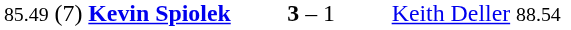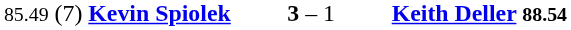 <table style="text-align:center">
 <tr>
 <th width=223></th>
 <th width=100></th>
 <th width=223></th>
 </tr>
 <tr>
 <td align=right><small>85.49</small> (7) <strong><a href='#'>Kevin Spiolek</a></strong> </td>
 <td><strong>3</strong> – 1</td>
-<td align=left> <a href='#'>Keith Deller</a> <small>88.54</small></td>
+<td align=left><strong> <a href='#'>Keith Deller</a> <small>88.54</small></strong></td>
 </tr>
 </table>
